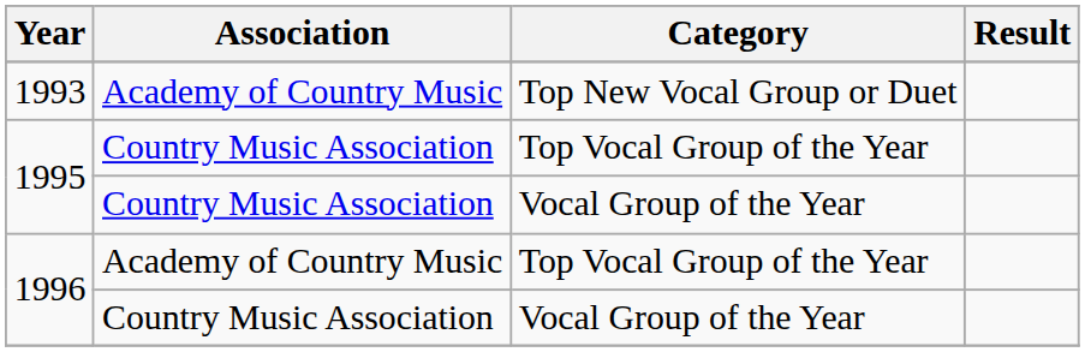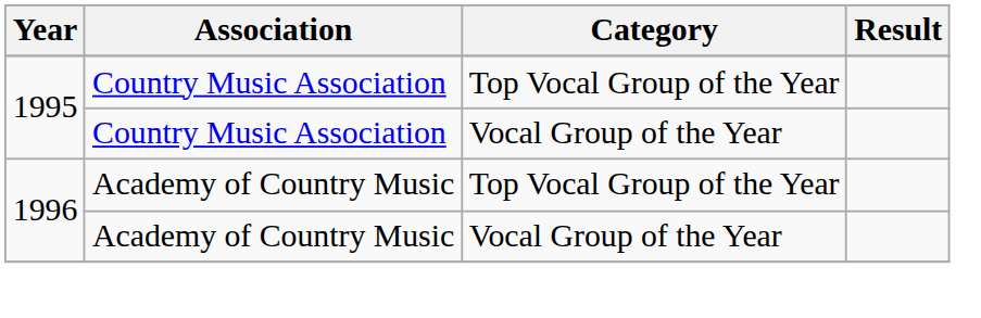 <table class="wikitable">
 <tr>
 <th>Year</th>
 <th>Association</th>
 <th>Category</th>
 <th>Result<br> </th>
 </tr>
 <tr>
-</tr>
-<tr>
-<td>1993</td>
-<td><a href='#'>Academy of Country Music</a></td>
-<td>Top New Vocal Group or Duet</td>
-<td></td>
 </tr>
 <tr>
 <td rowspan=2>1995</td>
 <td><a href='#'>Country Music Association</a></td>
 <td>Top Vocal Group of the Year</td>
 <td></td>
 </tr>
 <tr>
 <td><a href='#'>Country Music Association</a></td>
 <td>Vocal Group of the Year</td>
 <td></td>
 </tr>
 <tr>
 <td rowspan=2>1996</td>
 <td>Academy of Country Music</td>
 <td>Top Vocal Group of the Year</td>
 <td></td>
 </tr>
 <tr>
-<td>Country Music Association</td>
+<td>Academy of Country Music</td>
 <td>Vocal Group of the Year</td>
 <td></td>
 </tr>
 <tr>
 </tr>
 </table>
